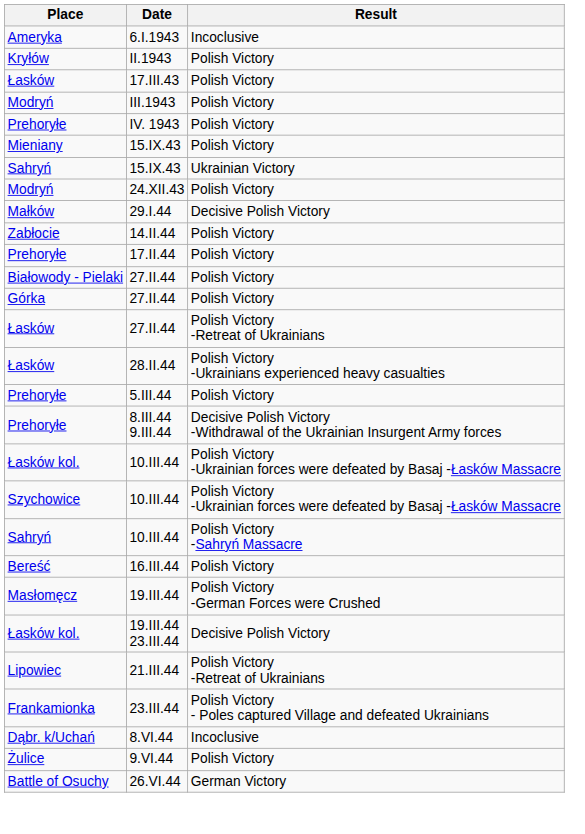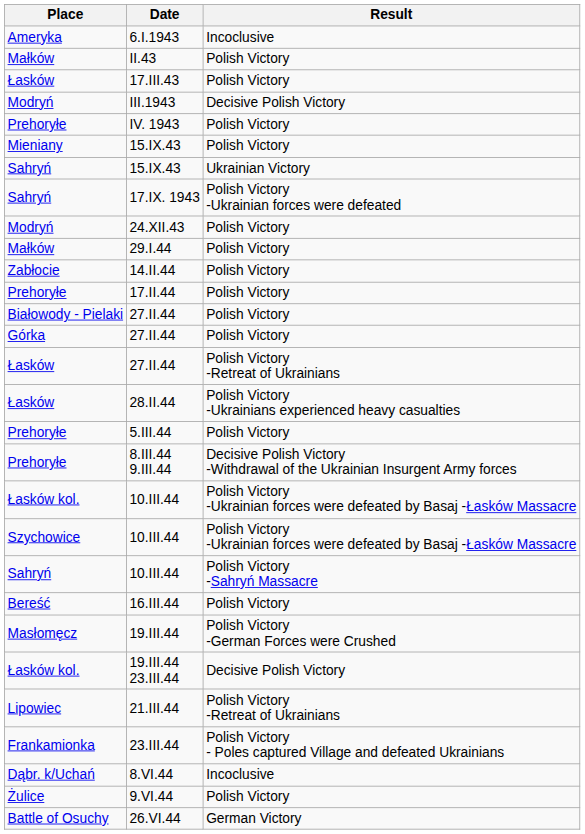 <table class="wikitable sortable">
 <tr>
 <th>Place</th>
 <th>Date</th>
 <th>Result</th>
 </tr>
 <tr>
 <td><a href='#'>Ameryka</a></td>
 <td>6.I.1943</td>
 <td>Incoclusive</td>
 </tr>
 <tr>
-<td><a href='#'>Kryłów</a></td>
-<td>II.1943</td>
+<td><a href='#'>Małków</a></td>
+<td>II.43</td>
 <td>Polish Victory</td>
 </tr>
 <tr>
 <td><a href='#'>Łasków</a></td>
 <td>17.III.43</td>
 <td>Polish Victory</td>
 </tr>
 <tr>
 <td><a href='#'>Modryń</a></td>
 <td>III.1943</td>
-<td>Polish Victory</td>
+<td>Decisive Polish Victory</td>
 </tr>
 <tr>
 <td><a href='#'>Prehoryłe</a></td>
 <td>IV. 1943</td>
 <td>Polish Victory</td>
 </tr>
 <tr>
 <td><a href='#'>Mieniany</a></td>
 <td>15.IX.43</td>
 <td>Polish Victory</td>
 </tr>
 <tr>
 <td><a href='#'>Sahryń</a></td>
 <td>15.IX.43</td>
 <td>Ukrainian Victory</td>
 </tr>
 <tr>
+<td><a href='#'>Sahryń</a></td>
+<td>17.IX. 1943</td>
+<td>Polish Victory<br>-Ukrainian forces were defeated</td>
+</tr>
+<tr>
 <td><a href='#'>Modryń</a></td>
 <td>24.XII.43</td>
 <td>Polish Victory</td>
 </tr>
 <tr>
 <td><a href='#'>Małków</a></td>
 <td>29.I.44</td>
-<td>Decisive Polish Victory</td>
+<td>Polish Victory</td>
 </tr>
 <tr>
 <td><a href='#'>Zabłocie</a></td>
 <td>14.II.44</td>
 <td>Polish Victory</td>
 </tr>
 <tr>
 <td><a href='#'>Prehoryłe</a></td>
 <td>17.II.44</td>
 <td>Polish Victory</td>
 </tr>
 <tr>
 <td><a href='#'>Białowody - Pielaki</a></td>
 <td>27.II.44</td>
 <td>Polish Victory</td>
 </tr>
 <tr>
 <td><a href='#'>Górka</a></td>
 <td>27.II.44</td>
 <td>Polish Victory</td>
 </tr>
 <tr>
 <td><a href='#'>Łasków</a></td>
 <td>27.II.44</td>
 <td>Polish Victory<br>-Retreat of Ukrainians</td>
 </tr>
 <tr>
 <td><a href='#'>Łasków</a></td>
 <td>28.II.44</td>
 <td>Polish Victory<br>-Ukrainians experienced heavy casualties</td>
 </tr>
 <tr>
 <td><a href='#'>Prehoryłe</a></td>
 <td>5.III.44</td>
 <td>Polish Victory</td>
 </tr>
 <tr>
 <td><a href='#'>Prehoryłe</a></td>
 <td>8.III.44<br>9.III.44</td>
 <td>Decisive Polish Victory<br>-Withdrawal of the Ukrainian Insurgent Army forces</td>
 </tr>
 <tr>
 <td><a href='#'>Łasków kol.</a></td>
 <td>10.III.44</td>
 <td>Polish Victory<br>-Ukrainian forces were defeated by Basaj  -<a href='#'>Łasków Massacre</a></td>
 </tr>
 <tr>
 <td><a href='#'>Szychowice</a></td>
 <td>10.III.44</td>
 <td>Polish Victory<br>-Ukrainian forces were defeated by Basaj  -<a href='#'>Łasków Massacre</a></td>
 </tr>
 <tr>
 <td><a href='#'>Sahryń</a></td>
 <td>10.III.44</td>
 <td>Polish Victory<br>-<a href='#'>Sahryń Massacre</a></td>
 </tr>
 <tr>
 <td><a href='#'>Bereść</a></td>
 <td>16.III.44</td>
 <td>Polish Victory</td>
 </tr>
 <tr>
 <td><a href='#'>Masłomęcz</a></td>
 <td>19.III.44</td>
 <td>Polish Victory<br>-German Forces were Crushed</td>
 </tr>
 <tr>
 <td><a href='#'>Łasków kol.</a></td>
 <td>19.III.44<br>23.III.44</td>
 <td>Decisive Polish Victory</td>
 </tr>
 <tr>
 <td><a href='#'>Lipowiec</a></td>
 <td>21.III.44</td>
 <td>Polish Victory<br>-Retreat of Ukrainians</td>
 </tr>
 <tr>
 <td><a href='#'>Frankamionka</a></td>
 <td>23.III.44</td>
 <td>Polish Victory<br>- Poles captured Village and defeated Ukrainians</td>
 </tr>
 <tr>
 <td><a href='#'>Dąbr. k/Uchań</a></td>
 <td>8.VI.44</td>
 <td>Incoclusive</td>
 </tr>
 <tr>
 <td><a href='#'>Żulice</a></td>
 <td>9.VI.44</td>
 <td>Polish Victory</td>
 </tr>
 <tr>
 <td><a href='#'>Battle of Osuchy</a></td>
 <td>26.VI.44</td>
 <td>German Victory</td>
 </tr>
 </table>
